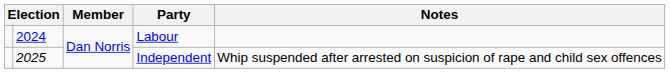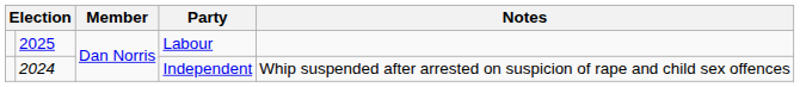 <table class="wikitable">
 <tr>
 <th colspan="2">Election</th>
 <th>Member</th>
 <th>Party</th>
 <th>Notes</th>
 </tr>
 <tr>
 <td style="color:inherit;background-color: "></td>
-<td><a href='#'>2024</a></td>
+<td><a href='#'>2025</a></td>
 <td rowspan="2"><a href='#'>Dan Norris</a></td>
 <td><a href='#'>Labour</a></td>
 <td></td>
 </tr>
 <tr>
 <td style="color:inherit;background-color: "></td>
-<td><em>2025</em></td>
+<td><em>2024</em></td>
 <td><a href='#'>Independent</a></td>
 <td>Whip suspended after arrested on suspicion of rape and child sex offences</td>
 </tr>
 </table>
